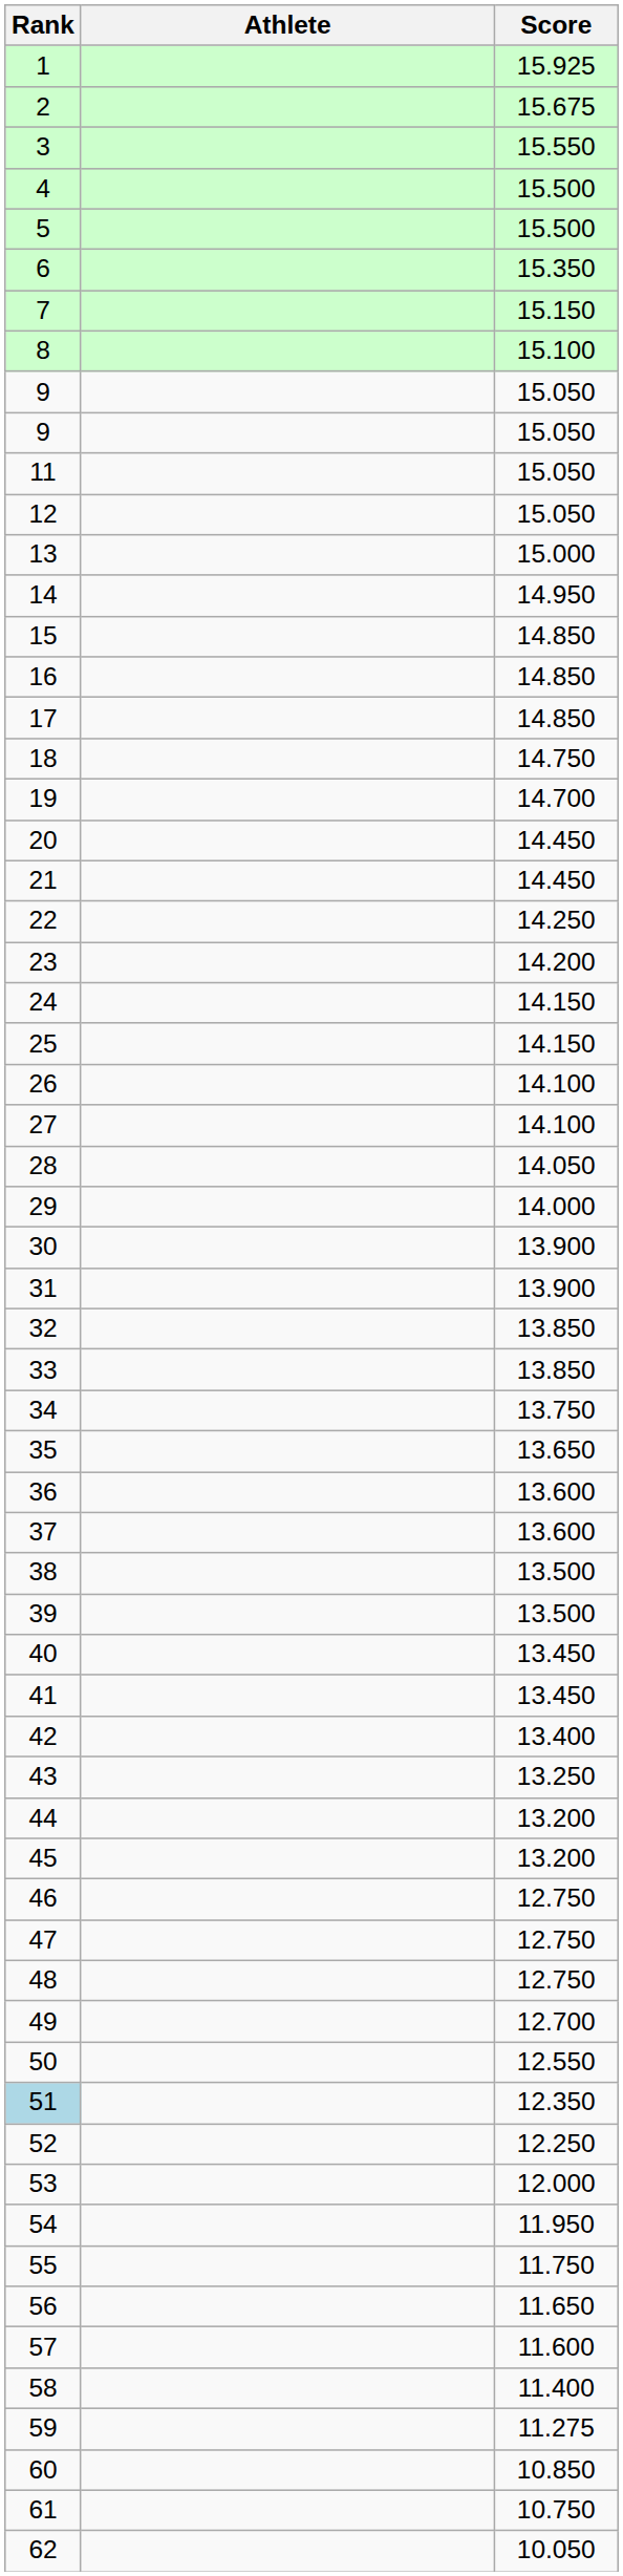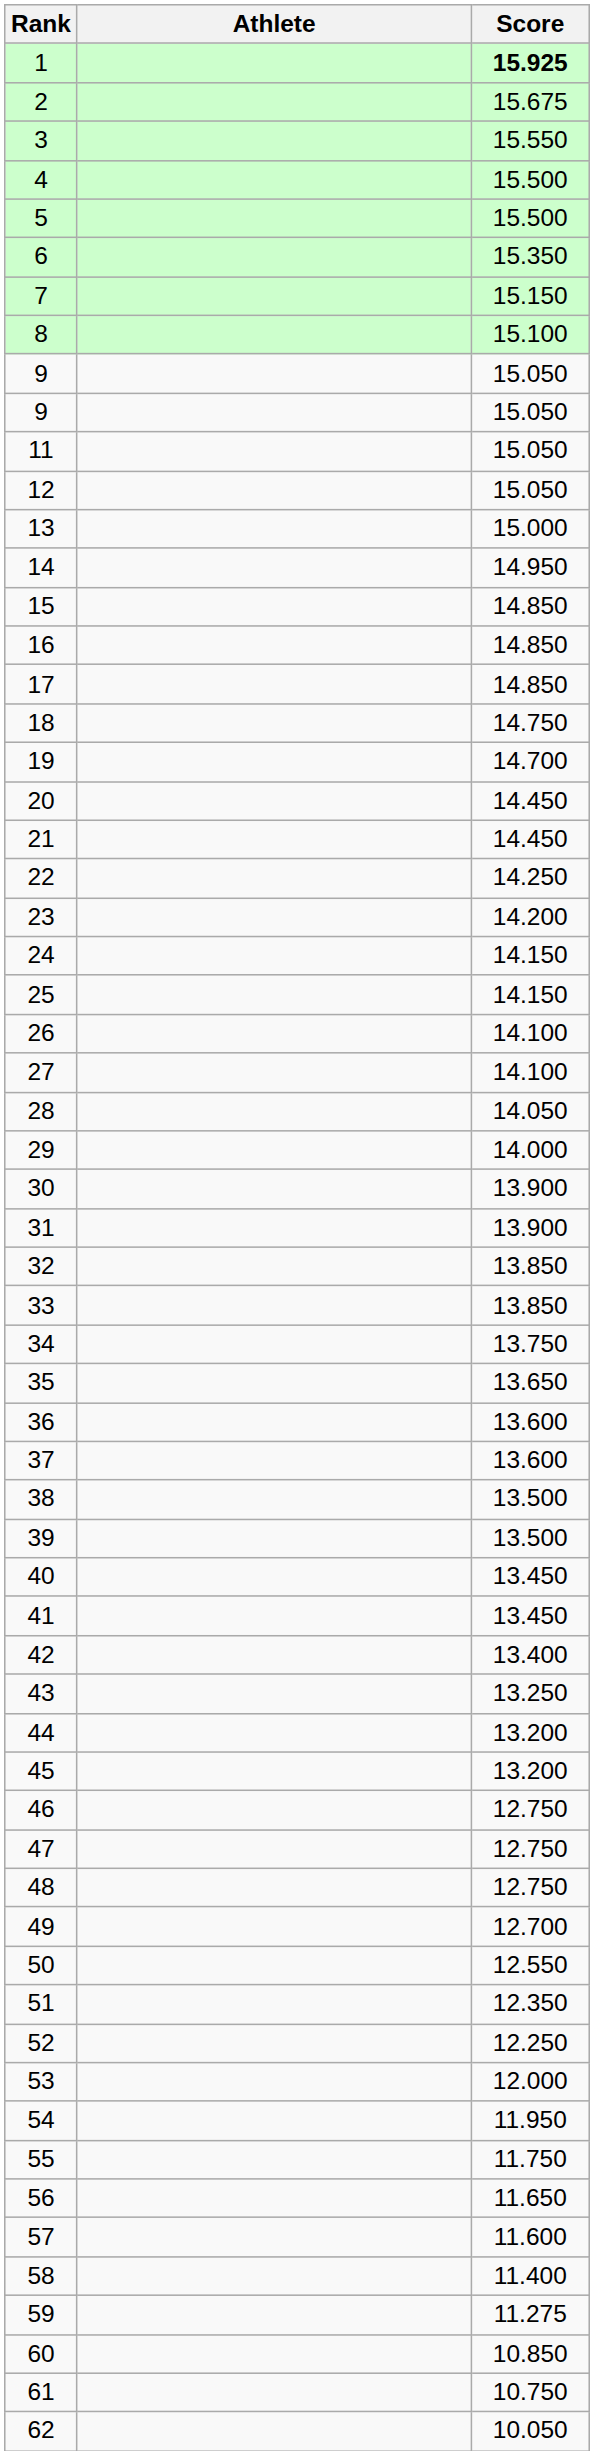 <table class=wikitable style="text-align:center">
 <tr>
 <th width=40>Rank</th>
 <th width=250>Athlete</th>
 <th width=70>Score</th>
 </tr>
 <tr bgcolor="ccffcc">
 <td>1</td>
 <td align=left></td>
-<td>15.925</td>
+<td><strong>15.925</strong></td>
 </tr>
 <tr bgcolor="ccffcc">
 <td>2</td>
 <td align=left></td>
 <td>15.675</td>
 </tr>
 <tr bgcolor="ccffcc">
 <td>3</td>
 <td align=left></td>
 <td>15.550</td>
 </tr>
 <tr bgcolor="ccffcc">
 <td>4</td>
 <td align=left></td>
 <td>15.500</td>
 </tr>
 <tr bgcolor="ccffcc">
 <td>5</td>
 <td align=left></td>
 <td>15.500</td>
 </tr>
 <tr bgcolor="ccffcc">
 <td>6</td>
 <td align=left></td>
 <td>15.350</td>
 </tr>
 <tr bgcolor="ccffcc">
 <td>7</td>
 <td align=left></td>
 <td>15.150</td>
 </tr>
 <tr bgcolor="ccffcc">
 <td>8</td>
 <td align=left></td>
 <td>15.100</td>
 </tr>
 <tr>
 <td>9</td>
 <td align=left></td>
 <td>15.050</td>
 </tr>
 <tr>
 <td>9</td>
 <td align=left></td>
 <td>15.050</td>
 </tr>
 <tr>
 <td>11</td>
 <td align=left></td>
 <td>15.050</td>
 </tr>
 <tr>
 <td>12</td>
 <td align=left></td>
 <td>15.050</td>
 </tr>
 <tr>
 <td>13</td>
 <td align=left></td>
 <td>15.000</td>
 </tr>
 <tr>
 <td>14</td>
 <td align=left></td>
 <td>14.950</td>
 </tr>
 <tr>
 <td>15</td>
 <td align=left></td>
 <td>14.850</td>
 </tr>
 <tr>
 <td>16</td>
 <td align=left></td>
 <td>14.850</td>
 </tr>
 <tr>
 <td>17</td>
 <td align=left></td>
 <td>14.850</td>
 </tr>
 <tr>
 <td>18</td>
 <td align=left></td>
 <td>14.750</td>
 </tr>
 <tr>
 <td>19</td>
 <td align=left></td>
 <td>14.700</td>
 </tr>
 <tr>
 <td>20</td>
 <td align=left></td>
 <td>14.450</td>
 </tr>
 <tr>
 <td>21</td>
 <td align=left></td>
 <td>14.450</td>
 </tr>
 <tr>
 <td>22</td>
 <td align=left></td>
 <td>14.250</td>
 </tr>
 <tr>
 <td>23</td>
 <td align=left></td>
 <td>14.200</td>
 </tr>
 <tr>
 <td>24</td>
 <td align=left></td>
 <td>14.150</td>
 </tr>
 <tr>
 <td>25</td>
 <td align=left></td>
 <td>14.150</td>
 </tr>
 <tr>
 <td>26</td>
 <td align=left></td>
 <td>14.100</td>
 </tr>
 <tr>
 <td>27</td>
 <td align=left></td>
 <td>14.100</td>
 </tr>
 <tr>
 <td>28</td>
 <td align=left></td>
 <td>14.050</td>
 </tr>
 <tr>
 <td>29</td>
 <td align=left></td>
 <td>14.000</td>
 </tr>
 <tr>
 <td>30</td>
 <td align=left></td>
 <td>13.900</td>
 </tr>
 <tr>
 <td>31</td>
 <td align=left></td>
 <td>13.900</td>
 </tr>
 <tr>
 <td>32</td>
 <td align=left></td>
 <td>13.850</td>
 </tr>
 <tr>
 <td>33</td>
 <td align=left></td>
 <td>13.850</td>
 </tr>
 <tr>
 <td>34</td>
 <td align=left></td>
 <td>13.750</td>
 </tr>
 <tr>
 <td>35</td>
 <td align=left></td>
 <td>13.650</td>
 </tr>
 <tr>
 <td>36</td>
 <td align=left></td>
 <td>13.600</td>
 </tr>
 <tr>
 <td>37</td>
 <td align=left></td>
 <td>13.600</td>
 </tr>
 <tr>
 <td>38</td>
 <td align=left></td>
 <td>13.500</td>
 </tr>
 <tr>
 <td>39</td>
 <td align=left></td>
 <td>13.500</td>
 </tr>
 <tr>
 <td>40</td>
 <td align=left></td>
 <td>13.450</td>
 </tr>
 <tr>
 <td>41</td>
 <td align=left></td>
 <td>13.450</td>
 </tr>
 <tr>
 <td>42</td>
 <td align=left></td>
 <td>13.400</td>
 </tr>
 <tr>
 <td>43</td>
 <td align=left></td>
 <td>13.250</td>
 </tr>
 <tr>
 <td>44</td>
 <td align=left></td>
 <td>13.200</td>
 </tr>
 <tr>
 <td>45</td>
 <td align=left></td>
 <td>13.200</td>
 </tr>
 <tr>
 <td>46</td>
 <td align=left></td>
 <td>12.750</td>
 </tr>
 <tr>
 <td>47</td>
 <td align=left></td>
 <td>12.750</td>
 </tr>
 <tr>
 <td>48</td>
 <td align=left></td>
 <td>12.750</td>
 </tr>
 <tr>
 <td>49</td>
 <td align=left></td>
 <td>12.700</td>
 </tr>
 <tr>
 <td>50</td>
 <td align=left></td>
 <td>12.550</td>
 </tr>
 <tr>
-<td style="background: lightblue;">51</td>
+<td>51</td>
 <td align=left></td>
 <td>12.350</td>
 </tr>
 <tr>
 <td>52</td>
 <td align=left></td>
 <td>12.250</td>
 </tr>
 <tr>
 <td>53</td>
 <td align=left></td>
 <td>12.000</td>
 </tr>
 <tr>
 <td>54</td>
 <td align=left></td>
 <td>11.950</td>
 </tr>
 <tr>
 <td>55</td>
 <td align=left></td>
 <td>11.750</td>
 </tr>
 <tr>
 <td>56</td>
 <td align=left></td>
 <td>11.650</td>
 </tr>
 <tr>
 <td>57</td>
 <td align=left></td>
 <td>11.600</td>
 </tr>
 <tr>
 <td>58</td>
 <td align=left></td>
 <td>11.400</td>
 </tr>
 <tr>
 <td>59</td>
 <td align=left></td>
 <td>11.275</td>
 </tr>
 <tr>
 <td>60</td>
 <td align=left></td>
 <td>10.850</td>
 </tr>
 <tr>
 <td>61</td>
 <td align=left></td>
 <td>10.750</td>
 </tr>
 <tr>
 <td>62</td>
 <td align=left></td>
 <td>10.050</td>
 </tr>
 </table>
